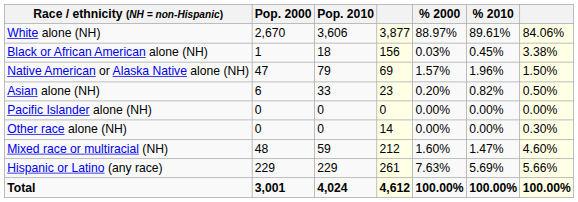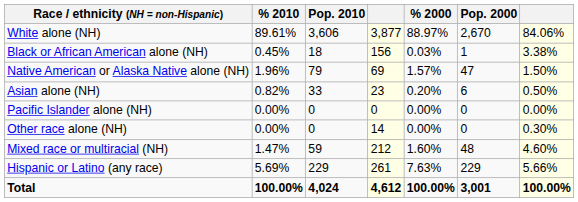 <table class="wikitable">
 <tr>
 <th>Race / ethnicity <small>(<em>NH = non-Hispanic</em>)</small></th>
-<th>Pop. 2000</th>
+<th>% 2010</th>
 <th>Pop. 2010</th>
 <th></th>
 <th>% 2000</th>
-<th>% 2010</th>
+<th>Pop. 2000</th>
 <th></th>
 </tr>
 <tr>
 <td><a href='#'>White</a> alone (NH)</td>
-<td>2,670</td>
+<td>89.61%</td>
 <td>3,606</td>
 <td style='background: #ffffe6;'>3,877</td>
 <td>88.97%</td>
-<td>89.61%</td>
+<td>2,670</td>
 <td style='background: #ffffe6;'>84.06%</td>
 </tr>
 <tr>
 <td><a href='#'>Black or African American</a> alone (NH)</td>
-<td>1</td>
+<td>0.45%</td>
 <td>18</td>
 <td style='background: #ffffe6;'>156</td>
 <td>0.03%</td>
-<td>0.45%</td>
+<td>1</td>
 <td style='background: #ffffe6;'>3.38%</td>
 </tr>
 <tr>
 <td><a href='#'>Native American</a> or <a href='#'>Alaska Native</a> alone (NH)</td>
-<td>47</td>
+<td>1.96%</td>
 <td>79</td>
 <td style='background: #ffffe6;'>69</td>
 <td>1.57%</td>
-<td>1.96%</td>
+<td>47</td>
 <td style='background: #ffffe6;'>1.50%</td>
 </tr>
 <tr>
 <td><a href='#'>Asian</a> alone (NH)</td>
-<td>6</td>
+<td>0.82%</td>
 <td>33</td>
 <td style='background: #ffffe6;'>23</td>
 <td>0.20%</td>
-<td>0.82%</td>
+<td>6</td>
 <td style='background: #ffffe6;'>0.50%</td>
 </tr>
 <tr>
 <td><a href='#'>Pacific Islander</a> alone (NH)</td>
-<td>0</td>
+<td>0.00%</td>
 <td>0</td>
 <td style='background: #ffffe6;'>0</td>
 <td>0.00%</td>
-<td>0.00%</td>
+<td>0</td>
 <td style='background: #ffffe6;'>0.00%</td>
 </tr>
 <tr>
 <td><a href='#'>Other race</a> alone (NH)</td>
-<td>0</td>
+<td>0.00%</td>
 <td>0</td>
 <td style='background: #ffffe6;'>14</td>
 <td>0.00%</td>
-<td>0.00%</td>
+<td>0</td>
 <td style='background: #ffffe6;'>0.30%</td>
 </tr>
 <tr>
 <td><a href='#'>Mixed race or multiracial</a> (NH)</td>
-<td>48</td>
+<td>1.47%</td>
 <td>59</td>
 <td style='background: #ffffe6;'>212</td>
 <td>1.60%</td>
-<td>1.47%</td>
+<td>48</td>
 <td style='background: #ffffe6;'>4.60%</td>
 </tr>
 <tr>
 <td><a href='#'>Hispanic or Latino</a> (any race)</td>
-<td>229</td>
+<td>5.69%</td>
 <td>229</td>
 <td style='background: #ffffe6;'>261</td>
 <td>7.63%</td>
-<td>5.69%</td>
+<td>229</td>
 <td style='background: #ffffe6;'>5.66%</td>
 </tr>
 <tr>
 <td><strong>Total</strong></td>
-<td><strong>3,001</strong></td>
+<td><strong>100.00%</strong></td>
 <td><strong>4,024</strong></td>
 <td style='background: #ffffe6;'><strong>4,612</strong></td>
 <td><strong>100.00%</strong></td>
-<td><strong>100.00%</strong></td>
+<td><strong>3,001</strong></td>
 <td style='background: #ffffe6;'><strong>100.00%</strong></td>
 </tr>
 </table>
